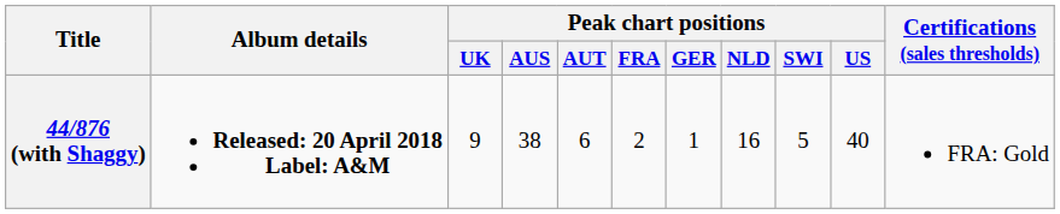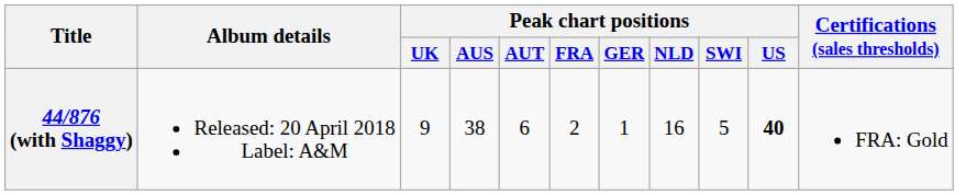 <table class="wikitable plainrowheaders" style="text-align:center;" border="1">
 <tr>
 <th scope="col" rowspan="2">Title</th>
 <th scope="col" rowspan="2">Album details</th>
 <th scope="col" colspan="8">Peak chart positions</th>
 <th scope="col" rowspan="2"><a href='#'>Certifications</a><br><small><a href='#'>(sales thresholds)</a></small></th>
 </tr>
 <tr>
 <th scope="col" style="width:2.2em;font-size:90%;"><a href='#'>UK</a><br></th>
 <th scope="col" style="width:2.2em;font-size:90%;"><a href='#'>AUS</a><br></th>
 <th scope="col" style="width:2.2em;font-size:90%;"><a href='#'>AUT</a><br></th>
 <th scope="col" style="width:2.2em;font-size:90%;"><a href='#'>FRA</a><br></th>
 <th scope="col" style="width:2.2em;font-size:90%;"><a href='#'>GER</a><br></th>
 <th scope="col" style="width:2.2em;font-size:90%;"><a href='#'>NLD</a><br></th>
 <th scope="col" style="width:2.2em;font-size:90%;"><a href='#'>SWI</a><br></th>
 <th scope="col" style="width:2.2em;font-size:90%;"><a href='#'>US</a><br></th>
 </tr>
 <tr>
 <th scope="row"><em><a href='#'>44/876</a></em><br><span>(with <a href='#'>Shaggy</a>)</span></th>
-<td><strong><br><ul><li>Released: 20 April 2018</li><li>Label: A&M</li></ul></strong></td>
+<td><br><ul><li>Released: 20 April 2018</li><li>Label: A&M</li></ul></td>
 <td>9</td>
 <td>38</td>
 <td>6</td>
 <td>2</td>
 <td>1</td>
 <td>16</td>
 <td>5</td>
-<td>40</td>
+<td><strong>40</strong></td>
 <td><br><ul><li>FRA: Gold</li></ul></td>
 </tr>
 </table>
